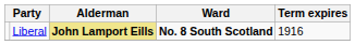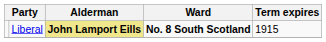 <table class="wikitable">
 <tr>
 <th colspan="2">Party</th>
 <th>Alderman</th>
 <th>Ward</th>
 <th>Term expires</th>
 </tr>
 <tr>
 <td style="background-color:"></td>
 <td><a href='#'>Liberal</a></td>
 <td style="background: khaki;"><strong>John Lamport Eills</strong></td>
 <td><strong>No. 8 South Scotland</strong></td>
-<td>1916</td>
+<td>1915</td>
 </tr>
 <tr>
 </tr>
 </table>
